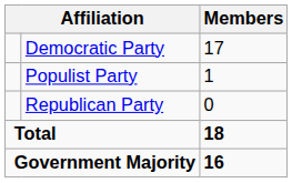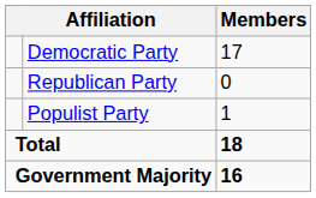 <table class="wikitable">
 <tr>
 <th colspan="2">Affiliation</th>
 <th>Members</th>
 </tr>
 <tr>
 <td style="background-color:"> </td>
 <td><a href='#'>Democratic Party</a></td>
 <td>17</td>
 </tr>
 <tr>
 <td style="background-color:"> </td>
-<td><a href='#'>Populist Party</a></td>
-<td>1</td>
+<td><a href='#'>Republican Party</a></td>
+<td>0</td>
 </tr>
 <tr>
 <td style="background-color:"> </td>
-<td><a href='#'>Republican Party</a></td>
-<td>0</td>
+<td><a href='#'>Populist Party</a></td>
+<td>1</td>
 </tr>
 <tr>
 <td colspan="2" rowspan="1"> <strong>Total</strong><br></td>
 <td><strong>18</strong></td>
 </tr>
 <tr>
 <td colspan="2" rowspan="1"> <strong>Government Majority</strong><br></td>
 <td><strong>16</strong></td>
 </tr>
 </table>
